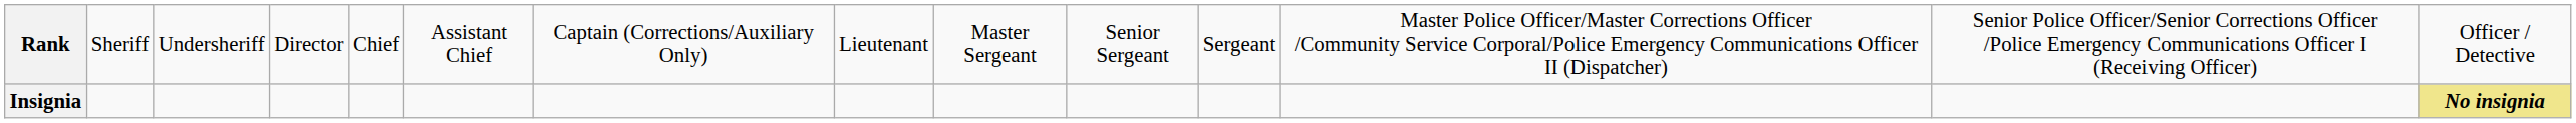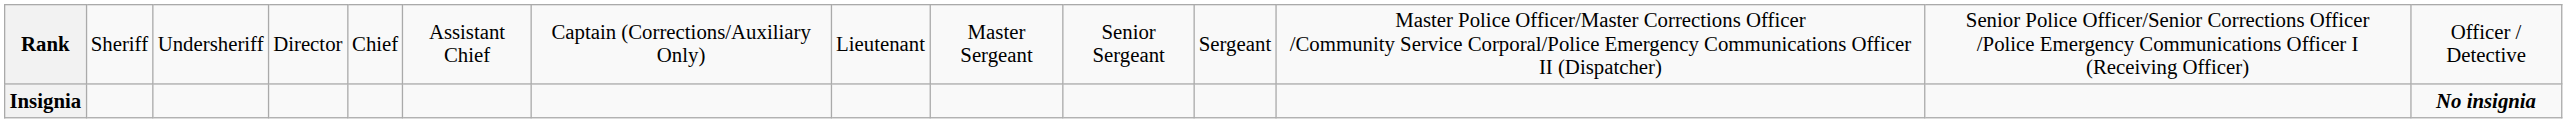 <table class="wikitable">
 <tr style="text-align:center;">
 <th>Rank</th>
 <td>Sheriff</td>
 <td>Undersheriff</td>
 <td>Director</td>
 <td>Chief</td>
 <td>Assistant Chief</td>
 <td>Captain (Corrections/Auxiliary Only)</td>
 <td>Lieutenant</td>
 <td>Master Sergeant</td>
 <td>Senior Sergeant</td>
 <td>Sergeant</td>
 <td>Master Police Officer/Master Corrections Officer<br>/Community Service Corporal/Police Emergency Communications Officer II (Dispatcher)</td>
 <td>Senior Police Officer/Senior Corrections Officer<br>/Police Emergency Communications Officer I (Receiving Officer)</td>
 <td>Officer / Detective</td>
 </tr>
 <tr style="text-align:center;">
 <th>Insignia</th>
 <td></td>
 <td></td>
 <td></td>
 <td></td>
 <td></td>
 <td></td>
 <td></td>
 <td></td>
 <td></td>
 <td></td>
 <td></td>
 <td></td>
-<td style="background: khaki;"><strong><em>No insignia</em></strong></td>
+<td><strong><em>No insignia</em></strong></td>
 </tr>
 </table>
